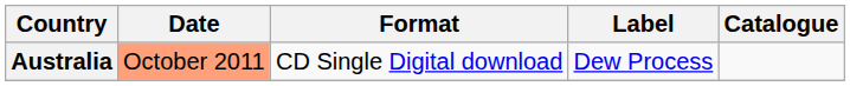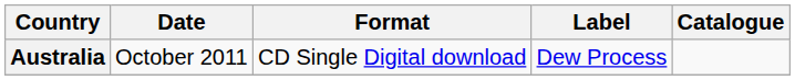 <table class="wikitable plainrowheaders">
 <tr>
 <th scope="col">Country</th>
 <th scope="col">Date</th>
 <th scope="col">Format</th>
 <th scope="col">Label</th>
 <th scope="col">Catalogue</th>
 </tr>
 <tr>
 <th scope="row">Australia</th>
-<td style="background: lightsalmon;">October 2011</td>
+<td>October 2011</td>
 <td>CD Single <a href='#'>Digital download</a></td>
 <td><a href='#'>Dew Process</a></td>
 <td></td>
 </tr>
 <tr>
 </tr>
 </table>
